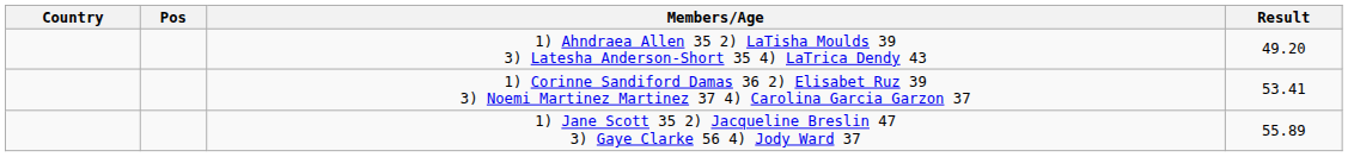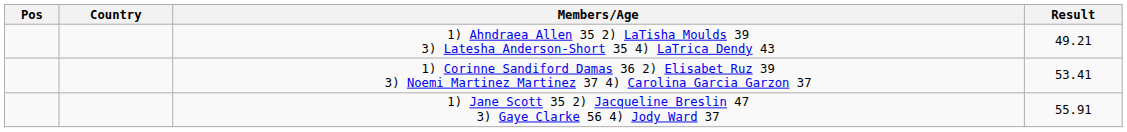 <table class="wikitable"  style="text-align:center; width:60%;">
 <tr>
+<th>Pos</th>
 <th>Country</th>
-<th>Pos</th>
 <th>Members/Age</th>
 <th>Result</th>
 </tr>
 <tr>
+<td align=center></td>
 <td align=left></td>
-<td align=center></td>
 <td>1) <a href='#'>Ahndraea Allen</a> 35 2) <a href='#'>LaTisha Moulds</a>  39<br>3) <a href='#'>Latesha Anderson-Short</a> 35 4) <a href='#'>LaTrica Dendy</a>  43</td>
-<td>49.20</td>
+<td>49.21</td>
 </tr>
 <tr>
+<td align=center></td>
 <td align=left></td>
-<td align=center></td>
 <td>1) <a href='#'>Corinne Sandiford Damas</a> 36 2) <a href='#'>Elisabet Ruz</a>  39<br>3) <a href='#'>Noemi Martinez Martinez</a>  37 4) <a href='#'>Carolina Garcia Garzon</a>  37</td>
 <td>53.41</td>
 </tr>
 <tr>
+<td align=center></td>
 <td align=left></td>
-<td align=center></td>
 <td>1) <a href='#'>Jane Scott</a> 35 2) <a href='#'>Jacqueline Breslin</a> 47<br>3) <a href='#'>Gaye Clarke</a> 56 4) <a href='#'>Jody Ward</a>  37</td>
-<td>55.89</td>
+<td>55.91</td>
 </tr>
 </table>
